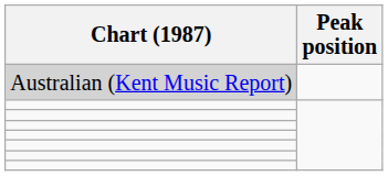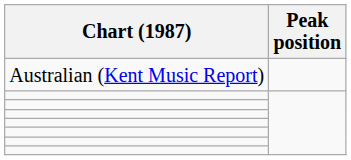 <table class="wikitable sortable plainrowheaders">
 <tr>
 <th>Chart (1987)</th>
 <th>Peak<br>position</th>
 </tr>
 <tr>
-<td style="background: lightgrey;">Australian (<a href='#'>Kent Music Report</a>)</td>
+<td>Australian (<a href='#'>Kent Music Report</a>)</td>
 <td></td>
 </tr>
 <tr>
 <td></td>
 </tr>
 <tr>
 <td></td>
 </tr>
 <tr>
 <td></td>
 </tr>
 <tr>
 <td></td>
 </tr>
 <tr>
 <td></td>
 </tr>
 <tr>
 <td></td>
 </tr>
 <tr>
 <td></td>
 </tr>
 </table>
